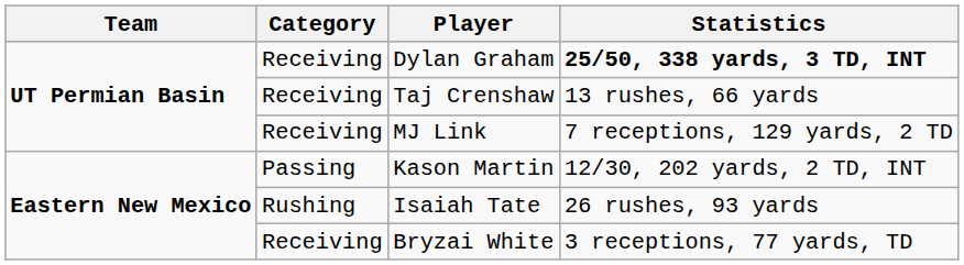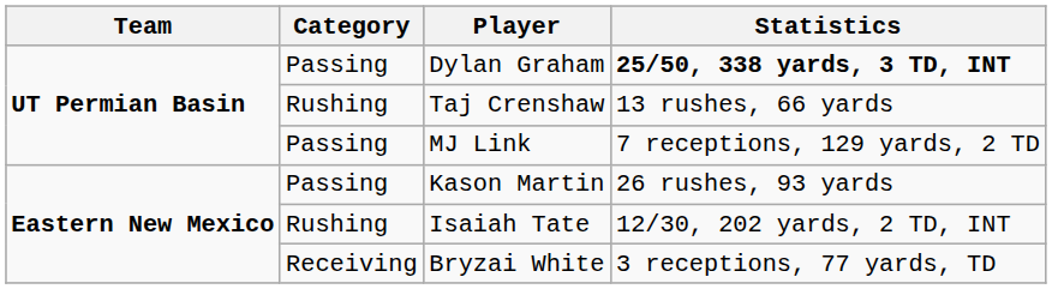 <table class="wikitable" style="float: right;">
 <tr>
 <th>Team</th>
 <th>Category</th>
 <th>Player</th>
 <th>Statistics</th>
 </tr>
 <tr>
 <td rowspan=3><strong>UT Permian Basin</strong></td>
-<td>Receiving</td>
+<td>Passing</td>
 <td>Dylan Graham</td>
 <td><strong>25/50, 338 yards, 3 TD, INT</strong></td>
 </tr>
 <tr>
-<td>Receiving</td>
+<td>Rushing</td>
 <td>Taj Crenshaw</td>
 <td>13 rushes, 66 yards</td>
 </tr>
 <tr>
-<td>Receiving</td>
+<td>Passing</td>
 <td>MJ Link</td>
 <td>7 receptions, 129 yards, 2 TD</td>
 </tr>
 <tr>
 <td rowspan=3><strong>Eastern New Mexico</strong></td>
 <td>Passing</td>
 <td>Kason Martin</td>
-<td>12/30, 202 yards, 2 TD, INT</td>
+<td>26 rushes, 93 yards</td>
 </tr>
 <tr>
 <td>Rushing</td>
 <td>Isaiah Tate</td>
-<td>26 rushes, 93 yards</td>
+<td>12/30, 202 yards, 2 TD, INT</td>
 </tr>
 <tr>
 <td>Receiving</td>
 <td>Bryzai White</td>
 <td>3 receptions, 77 yards, TD</td>
 </tr>
 </table>
